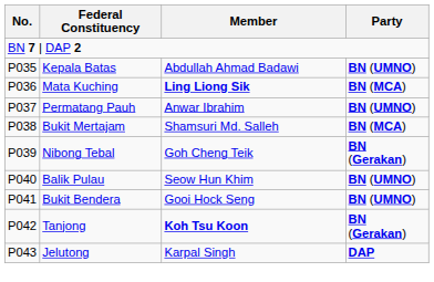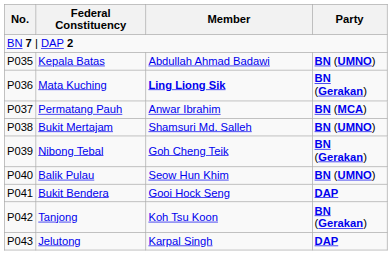 <table class="wikitable sortable">
 <tr>
 <th style="width:30px;">No.</th>
 <th style="width:150px;">Federal Constituency</th>
 <th style="width:230px;">Member</th>
 <th style="width:100px;">Party</th>
 </tr>
 <tr>
 <td colspan="4"><a href='#'>BN</a> <strong>7</strong> | <a href='#'>DAP</a> <strong>2</strong></td>
 </tr>
 <tr>
 <td>P035</td>
 <td><a href='#'>Kepala Batas</a></td>
 <td><a href='#'>Abdullah Ahmad Badawi</a></td>
 <td><strong><a href='#'>BN</a></strong> (<strong><a href='#'>UMNO</a></strong>)</td>
 </tr>
 <tr>
 <td>P036</td>
 <td><a href='#'>Mata Kuching</a></td>
 <td><strong><a href='#'>Ling Liong Sik</a></strong></td>
-<td><strong><a href='#'>BN</a></strong> (<strong><a href='#'>MCA</a></strong>)</td>
+<td><strong><a href='#'>BN</a></strong> (<strong><a href='#'>Gerakan</a></strong>)</td>
 </tr>
 <tr>
 <td>P037</td>
 <td><a href='#'>Permatang Pauh</a></td>
 <td><a href='#'>Anwar Ibrahim</a></td>
-<td><strong><a href='#'>BN</a></strong> (<strong><a href='#'>UMNO</a></strong>)</td>
+<td><strong><a href='#'>BN</a></strong> (<strong><a href='#'>MCA</a></strong>)</td>
 </tr>
 <tr>
 <td>P038</td>
 <td><a href='#'>Bukit Mertajam</a></td>
 <td><a href='#'>Shamsuri Md. Salleh</a></td>
-<td><strong><a href='#'>BN</a></strong> (<strong><a href='#'>MCA</a></strong>)</td>
+<td><strong><a href='#'>BN</a></strong> (<strong><a href='#'>UMNO</a></strong>)</td>
 </tr>
 <tr>
 <td>P039</td>
 <td><a href='#'>Nibong Tebal</a></td>
 <td><a href='#'>Goh Cheng Teik</a></td>
 <td><strong><a href='#'>BN</a></strong> (<strong><a href='#'>Gerakan</a></strong>)</td>
 </tr>
 <tr>
 <td>P040</td>
 <td><a href='#'>Balik Pulau</a></td>
 <td><a href='#'>Seow Hun Khim</a></td>
 <td><strong><a href='#'>BN</a></strong> (<strong><a href='#'>UMNO</a></strong>)</td>
 </tr>
 <tr>
 <td>P041</td>
 <td><a href='#'>Bukit Bendera</a></td>
 <td><a href='#'>Gooi Hock Seng</a></td>
-<td><strong><a href='#'>BN</a></strong> (<strong><a href='#'>UMNO</a></strong>)</td>
+<td><strong><a href='#'>DAP</a></strong></td>
 </tr>
 <tr>
 <td>P042</td>
 <td><a href='#'>Tanjong</a></td>
-<td><strong><a href='#'>Koh Tsu Koon</a></strong></td>
+<td><a href='#'>Koh Tsu Koon</a></td>
 <td><strong><a href='#'>BN</a></strong> (<strong><a href='#'>Gerakan</a></strong>)</td>
 </tr>
 <tr>
 <td>P043</td>
 <td><a href='#'>Jelutong</a></td>
 <td><a href='#'>Karpal Singh</a></td>
 <td><strong><a href='#'>DAP</a></strong></td>
 </tr>
 </table>
